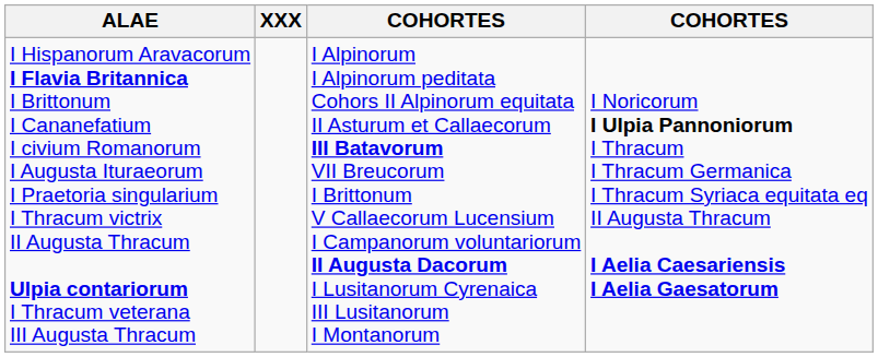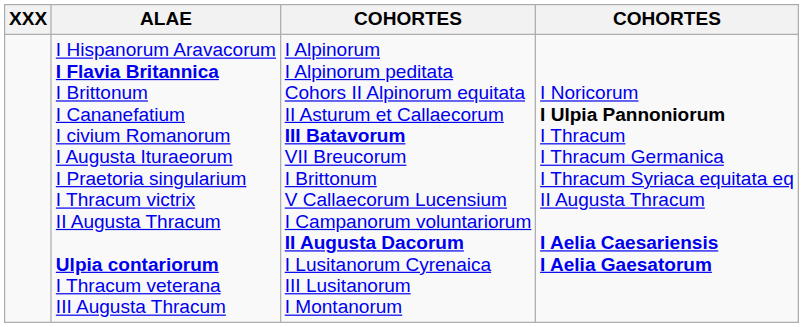 <table class=wikitable>
 <tr>
+<th>XXX</th>
 <th>ALAE</th>
-<th>XXX</th>
 <th>COHORTES</th>
 <th>COHORTES</th>
 </tr>
 <tr>
+<td></td>
 <td><a href='#'>I Hispanorum Aravacorum</a><br><strong><a href='#'>I Flavia Britannica</a> </strong><br><a href='#'>I Brittonum</a> <br><a href='#'>I Cananefatium</a><br><a href='#'>I civium Romanorum</a> <br><a href='#'>I Augusta Ituraeorum</a><br><a href='#'>I Praetoria singularium</a> <br><a href='#'>I Thracum victrix</a><br><a href='#'>II Augusta Thracum</a><br><br><strong><a href='#'>Ulpia contariorum</a></strong><br><a href='#'>I Thracum veterana</a>  <br><a href='#'>III Augusta Thracum</a>  </td>
-<td></td>
 <td><a href='#'>I Alpinorum</a> <br><a href='#'>I Alpinorum peditata</a><br><a href='#'>Cohors II Alpinorum equitata</a><br><a href='#'>II Asturum et Callaecorum</a> <br><strong><a href='#'>III Batavorum</a> </strong><br><a href='#'>VII Breucorum</a>  <br><a href='#'>I Brittonum</a><br><a href='#'>V Callaecorum Lucensium</a> <br><a href='#'>I Campanorum voluntariorum</a> <br><strong><a href='#'>II Augusta Dacorum</a> </strong><br><a href='#'>I Lusitanorum Cyrenaica</a><br><a href='#'>III Lusitanorum</a><br><a href='#'>I Montanorum </a></td>
 <td><a href='#'>I Noricorum </a><br><strong>I Ulpia Pannoniorum </strong><br><a href='#'>I Thracum</a> <br><a href='#'>I Thracum Germanica</a><br><a href='#'>I Thracum Syriaca equitata eq</a><br><a href='#'>II Augusta Thracum</a> <br><br><strong><a href='#'>I Aelia Caesariensis</a>  </strong><br><strong><a href='#'>I Aelia Gaesatorum  </a></strong></td>
 </tr>
 </table>
